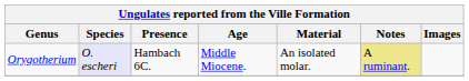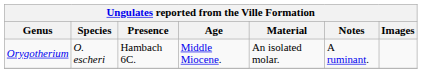 <table class="wikitable" align="center">
 <tr>
 <th colspan="7" align="center"><strong><a href='#'>Ungulates</a> reported from the Ville Formation</strong></th>
 </tr>
 <tr>
 <th>Genus</th>
 <th>Species</th>
 <th>Presence</th>
 <th><strong>Age</strong></th>
 <th><strong>Material</strong></th>
 <th>Notes</th>
 <th>Images</th>
 </tr>
 <tr>
 <td><em><a href='#'>Orygotherium</a></em></td>
-<td style="background: lavender;"><em>O. escheri</em></td>
+<td><em>O. escheri</em></td>
 <td>Hambach 6C.</td>
 <td><a href='#'>Middle Miocene</a>.</td>
 <td>An isolated molar.</td>
-<td style="background: khaki;">A <a href='#'>ruminant</a>.</td>
+<td>A <a href='#'>ruminant</a>.</td>
 <td></td>
 </tr>
 <tr>
 </tr>
 </table>
